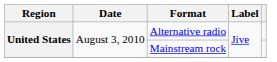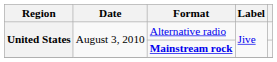 <table class="wikitable plainrowheaders">
 <tr>
 <th scope="col">Region</th>
 <th>Date</th>
 <th>Format</th>
 <th>Label</th>
 <th></th>
 </tr>
 <tr>
 <th scope="row" rowspan="2">United States</th>
 <td rowspan="2">August 3, 2010</td>
 <td><a href='#'>Alternative radio</a></td>
 <td rowspan="2"><a href='#'>Jive</a></td>
 <td align="center"></td>
 </tr>
 <tr>
-<td><a href='#'>Mainstream rock</a></td>
+<td><strong><a href='#'>Mainstream rock</a></strong></td>
 <td align="center"></td>
 </tr>
 <tr>
 </tr>
 </table>
